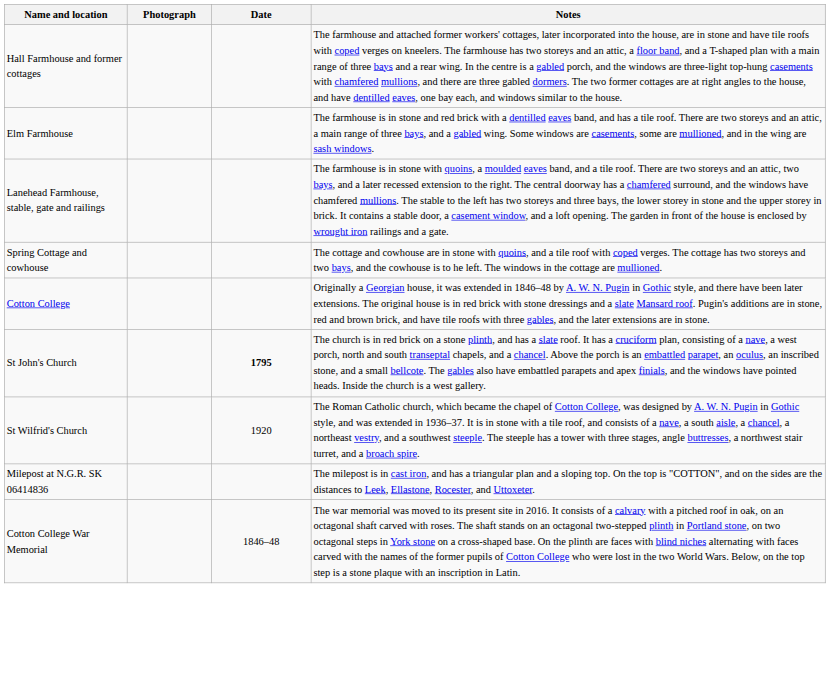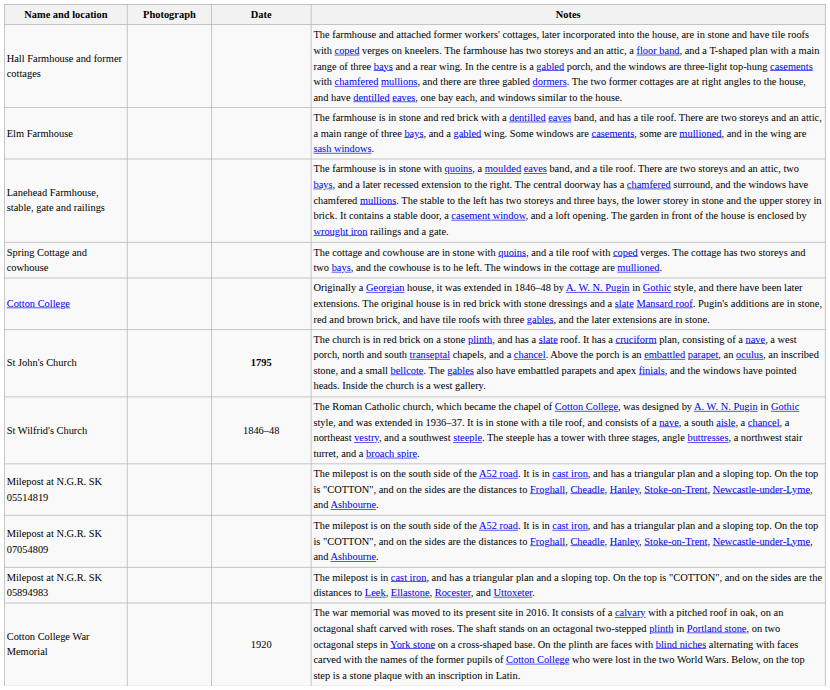 <table class="wikitable sortable plainrowheaders" style="width:100%;border:0px;text-align:left;line-height:150%;">
 <tr>
 <th scope="col"  style="width:150px">Name and location</th>
 <th scope="col"  style="width:100px" class="unsortable">Photograph</th>
 <th scope="col"  style="width:120px">Date</th>
 <th scope="col"  style="width:650px" class="unsortable">Notes</th>
 </tr>
 <tr>
 <td>Hall Farmhouse and former cottages<br><small></small></td>
 <td></td>
 <td align="center"></td>
 <td>The farmhouse and attached former workers' cottages, later incorporated into the house, are in stone and have tile roofs with <a href='#'>coped</a> verges on kneelers.  The farmhouse has two storeys and an attic, a <a href='#'>floor band</a>, and a T-shaped plan with a main range of three <a href='#'>bays</a> and a rear wing.  In the centre is a <a href='#'>gabled</a> porch, and the windows are three-light top-hung <a href='#'>casements</a> with <a href='#'>chamfered</a> <a href='#'>mullions</a>, and there are three gabled <a href='#'>dormers</a>.  The two former cottages are at right angles to the house, and have <a href='#'>dentilled</a> <a href='#'>eaves</a>, one bay each, and windows similar to the house.</td>
 </tr>
 <tr>
 <td>Elm Farmhouse<br><small></small></td>
 <td></td>
 <td align="center"></td>
 <td>The farmhouse is in stone and red brick with a <a href='#'>dentilled</a> <a href='#'>eaves</a> band, and has a tile roof.  There are two storeys and an attic, a main range of three <a href='#'>bays</a>, and a <a href='#'>gabled</a> wing.  Some windows are <a href='#'>casements</a>, some are <a href='#'>mullioned</a>, and in the wing are <a href='#'>sash windows</a>.</td>
 </tr>
 <tr>
 <td>Lanehead Farmhouse, stable, gate and railings<br><small></small></td>
 <td></td>
 <td align="center"></td>
 <td>The farmhouse is in stone with <a href='#'>quoins</a>, a <a href='#'>moulded</a> <a href='#'>eaves</a> band, and a tile roof.  There are two storeys and an attic, two <a href='#'>bays</a>, and a later recessed extension to the right.  The central doorway has a <a href='#'>chamfered</a> surround, and the windows have chamfered <a href='#'>mullions</a>.  The stable to the left has two storeys and three bays, the lower storey in stone and the upper storey in brick.  It contains a stable door, a <a href='#'>casement window</a>, and a loft opening.  The garden in front of the house is enclosed by <a href='#'>wrought iron</a> railings and a gate.</td>
 </tr>
 <tr>
 <td>Spring Cottage and cowhouse<br><small></small></td>
 <td></td>
 <td align="center"></td>
 <td>The cottage and cowhouse are in stone with <a href='#'>quoins</a>, and a tile roof with <a href='#'>coped</a> verges.  The cottage has two storeys and two <a href='#'>bays</a>, and the cowhouse is to he left.  The windows in the cottage are <a href='#'>mullioned</a>.</td>
 </tr>
 <tr>
 <td><a href='#'>Cotton College</a><br><small></small></td>
 <td></td>
 <td align="center"></td>
 <td>Originally a <a href='#'>Georgian</a> house, it was extended in 1846–48 by <a href='#'>A. W. N. Pugin</a> in <a href='#'>Gothic</a> style, and there have been later extensions.  The original house is in red brick with stone dressings and a <a href='#'>slate</a> <a href='#'>Mansard roof</a>.  Pugin's additions are in stone, red and brown brick, and have tile roofs with three <a href='#'>gables</a>, and the later extensions are in stone.</td>
 </tr>
 <tr>
 <td>St John's Church<br><small></small></td>
 <td></td>
 <td align="center"><strong>1795</strong></td>
 <td>The church is in red brick on a stone <a href='#'>plinth</a>, and has a <a href='#'>slate</a> roof.  It has a <a href='#'>cruciform</a> plan, consisting of a <a href='#'>nave</a>, a west porch, north and south <a href='#'>transeptal</a> chapels, and a <a href='#'>chancel</a>.  Above the porch is an <a href='#'>embattled</a> <a href='#'>parapet</a>, an <a href='#'>oculus</a>, an inscribed stone, and a small <a href='#'>bellcote</a>.  The <a href='#'>gables</a> also have embattled parapets and apex <a href='#'>finials</a>, and the windows have pointed heads.  Inside the church is a west gallery.</td>
 </tr>
 <tr>
 <td>St Wilfrid's Church<br><small></small></td>
 <td></td>
-<td align="center">1920</td>
+<td align="center">1846–48</td>
 <td>The Roman Catholic church, which became the chapel of <a href='#'>Cotton College</a>, was designed by <a href='#'>A. W. N. Pugin</a> in <a href='#'>Gothic</a> style, and was extended in 1936–37.  It is in stone with a tile roof, and consists of a <a href='#'>nave</a>, a south <a href='#'>aisle</a>, a <a href='#'>chancel</a>, a northeast <a href='#'>vestry</a>, and a southwest <a href='#'>steeple</a>.  The steeple has a tower with three stages, angle <a href='#'>buttresses</a>, a northwest stair turret, and a <a href='#'>broach spire</a>.</td>
 </tr>
 <tr>
-<td>Milepost at N.G.R. SK 06414836<br><small></small></td>
+<td>Milepost at N.G.R. SK 05514819<br><small></small></td>
+<td></td>
+<td align="center"></td>
+<td>The milepost is on the south side of the <a href='#'>A52 road</a>.  It is in <a href='#'>cast iron</a>, and has a triangular plan and a sloping top.  On the top is "COTTON", and on the sides are the distances to <a href='#'>Froghall</a>, <a href='#'>Cheadle</a>, <a href='#'>Hanley</a>, <a href='#'>Stoke-on-Trent</a>, <a href='#'>Newcastle-under-Lyme</a>, and <a href='#'>Ashbourne</a>.</td>
+</tr>
+<tr>
+<td>Milepost at N.G.R. SK 07054809 <br><small></small></td>
+<td></td>
+<td align="center"></td>
+<td>The milepost is on the south side of the <a href='#'>A52 road</a>.  It is in <a href='#'>cast iron</a>, and has a triangular plan and a sloping top.  On the top is "COTTON", and on the sides are the distances to <a href='#'>Froghall</a>, <a href='#'>Cheadle</a>, <a href='#'>Hanley</a>, <a href='#'>Stoke-on-Trent</a>, <a href='#'>Newcastle-under-Lyme</a>, and <a href='#'>Ashbourne</a>.</td>
+</tr>
+<tr>
+<td>Milepost at N.G.R. SK 05894983<br><small></small></td>
 <td></td>
 <td align="center"></td>
 <td>The milepost is in <a href='#'>cast iron</a>, and has a triangular plan and a sloping top.  On the top is "COTTON", and on the sides are the distances to <a href='#'>Leek</a>, <a href='#'>Ellastone</a>, <a href='#'>Rocester</a>, and <a href='#'>Uttoxeter</a>.</td>
 </tr>
 <tr>
 <td>Cotton College War Memorial<br><small></small></td>
 <td></td>
-<td align="center">1846–48</td>
+<td align="center">1920</td>
 <td>The war memorial was moved to its present site in 2016.  It consists of a <a href='#'>calvary</a> with a pitched roof in oak, on an octagonal shaft carved with roses.  The shaft stands on an octagonal two-stepped <a href='#'>plinth</a> in <a href='#'>Portland stone</a>, on two octagonal steps in <a href='#'>York stone</a> on a cross-shaped base.  On the plinth are faces with <a href='#'>blind niches</a> alternating with faces carved with the names of the former pupils of <a href='#'>Cotton College</a> who were lost in the two World Wars.  Below, on the top step is a stone plaque with an inscription in Latin.</td>
 </tr>
 <tr>
 </tr>
 </table>
